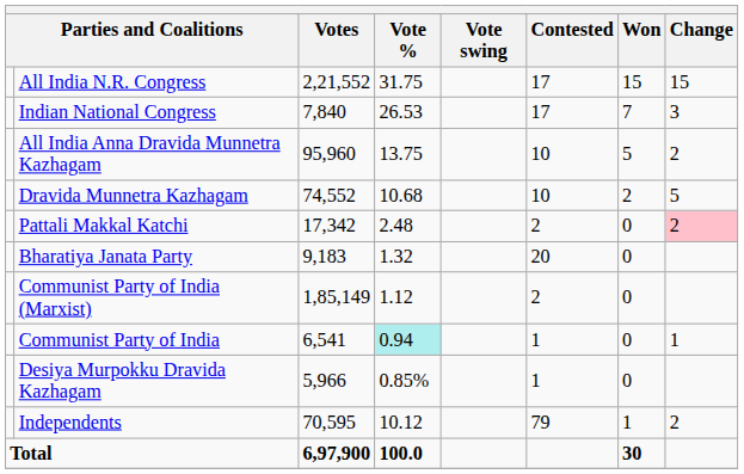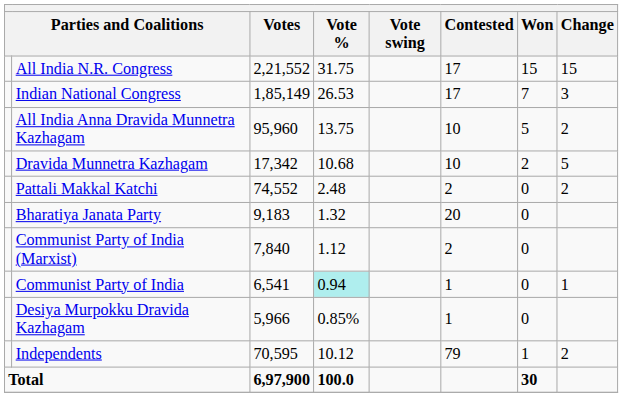 <table class="wikitable sortable">
 <tr>
 <th colspan=10></th>
 </tr>
 <tr valign="top">
 <th Colspan=2>Parties and Coalitions</th>
 <th>Votes</th>
 <th>Vote %</th>
 <th>Vote swing</th>
 <th>Contested</th>
 <th>Won</th>
 <th>Change</th>
 </tr>
 <tr>
 <td style="background-color:"></td>
 <td><a href='#'>All India N.R. Congress</a></td>
 <td>2,21,552</td>
 <td>31.75</td>
 <td></td>
 <td>17</td>
 <td>15</td>
 <td>15</td>
 </tr>
 <tr>
 <td style="background-color:"></td>
 <td><a href='#'>Indian National Congress</a></td>
-<td>7,840</td>
+<td>1,85,149</td>
 <td>26.53</td>
 <td></td>
 <td>17</td>
 <td>7</td>
 <td>3</td>
 </tr>
 <tr>
 <td style="background-color:"></td>
 <td style="text-align:left;"><a href='#'>All India Anna Dravida Munnetra Kazhagam</a></td>
 <td>95,960</td>
 <td>13.75</td>
 <td></td>
 <td>10</td>
 <td>5</td>
 <td>2</td>
 </tr>
 <tr>
 <td style="background-color:"></td>
 <td><a href='#'>Dravida Munnetra Kazhagam</a></td>
-<td>74,552</td>
+<td>17,342</td>
 <td>10.68</td>
 <td></td>
 <td>10</td>
 <td>2</td>
 <td>5</td>
 </tr>
 <tr>
 <td style="background-color:"></td>
 <td><a href='#'>Pattali Makkal Katchi</a></td>
-<td>17,342</td>
+<td>74,552</td>
 <td>2.48</td>
 <td></td>
 <td>2</td>
 <td>0</td>
-<td style="background: pink;">2</td>
+<td>2</td>
 </tr>
 <tr>
 <td style="background-color:"></td>
 <td><a href='#'>Bharatiya Janata Party</a></td>
 <td>9,183</td>
 <td>1.32</td>
 <td></td>
 <td>20</td>
 <td>0</td>
 <td></td>
 </tr>
 <tr>
 <td style="background-color:"></td>
 <td><a href='#'>Communist Party of India (Marxist)</a></td>
-<td>1,85,149</td>
+<td>7,840</td>
 <td>1.12</td>
 <td></td>
 <td>2</td>
 <td>0</td>
 <td></td>
 </tr>
 <tr>
 <td style="background-color:"></td>
 <td><a href='#'>Communist Party of India</a></td>
 <td>6,541</td>
 <td style="background: paleturquoise;">0.94</td>
 <td></td>
 <td>1</td>
 <td>0</td>
 <td>1</td>
 </tr>
 <tr>
 <td style="background-color:"></td>
 <td><a href='#'>Desiya Murpokku Dravida Kazhagam</a></td>
 <td>5,966</td>
 <td>0.85%</td>
 <td></td>
 <td>1</td>
 <td>0</td>
 <td></td>
 </tr>
 <tr>
 <td style="background-color:"></td>
 <td><a href='#'>Independents</a></td>
 <td>70,595</td>
 <td>10.12</td>
 <td></td>
 <td>79</td>
 <td>1</td>
 <td>2</td>
 </tr>
 <tr>
 <td colspan=2><strong>Total</strong></td>
 <td><strong>6,97,900</strong></td>
 <td><strong>100.0</strong></td>
 <td></td>
 <td></td>
 <td><strong>30</strong></td>
 <td></td>
 </tr>
 <tr>
 </tr>
 </table>
